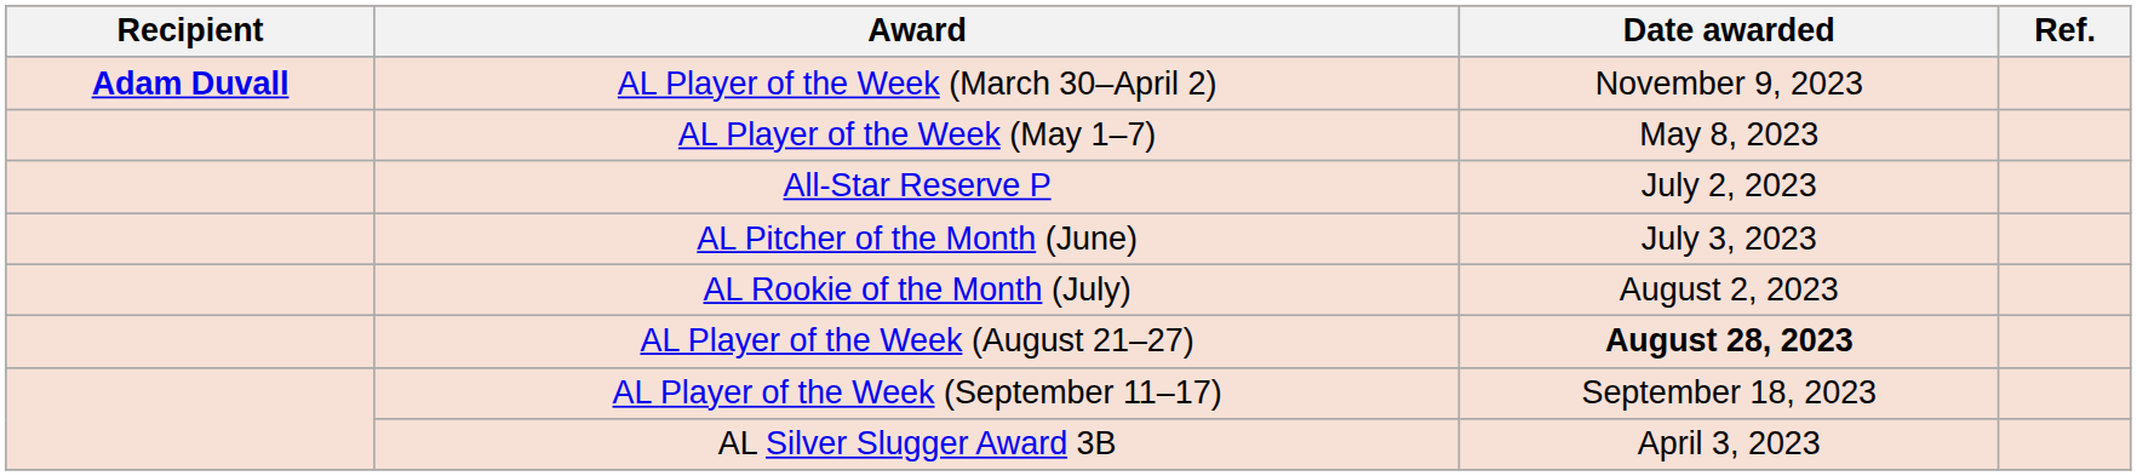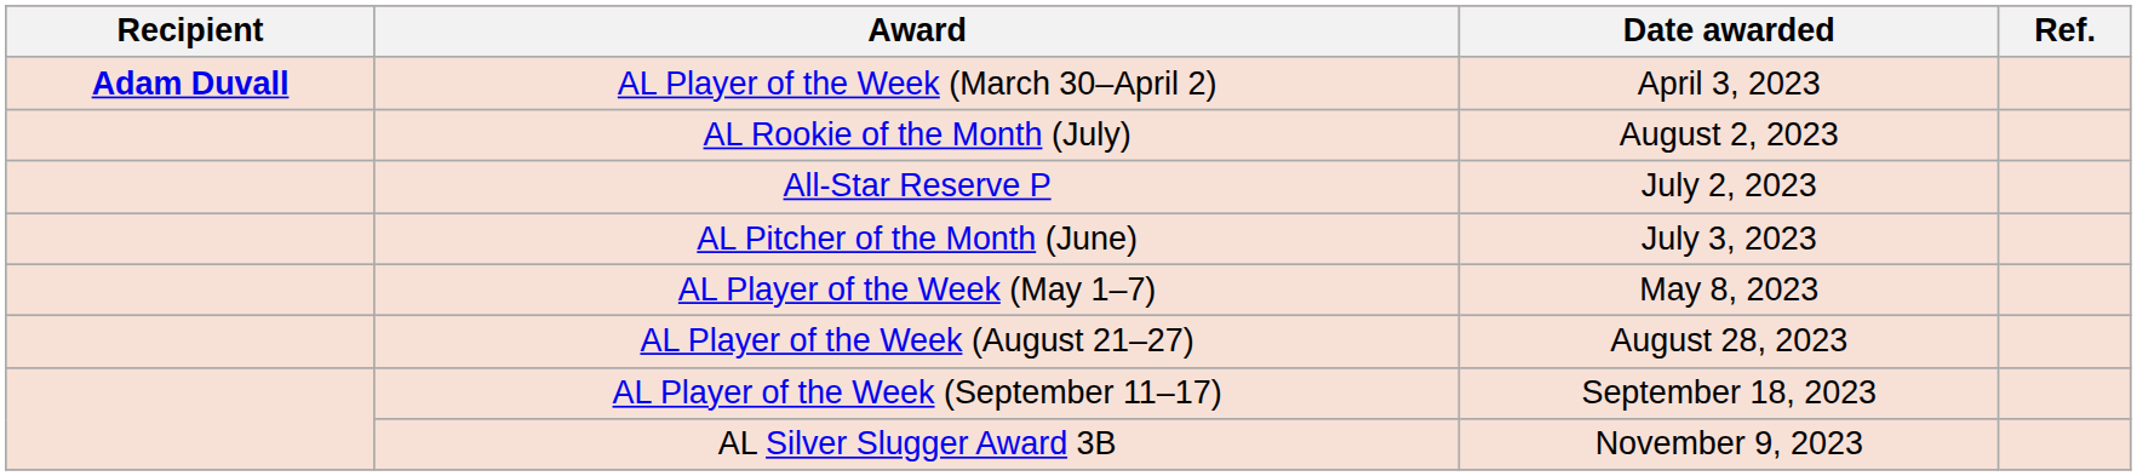 <table class="wikitable sortable" style="text-align:center; background:#f7e1d7; width: 66%;">
 <tr>
 <th>Recipient</th>
 <th>Award</th>
 <th>Date awarded</th>
 <th>Ref.</th>
 </tr>
 <tr>
 <td><strong><a href='#'>Adam Duvall</a></strong></td>
 <td><a href='#'>AL Player of the Week</a> (March 30–April 2)</td>
-<td>November 9, 2023</td>
+<td>April 3, 2023</td>
 <td></td>
 </tr>
 <tr>
 <td></td>
-<td><a href='#'>AL Player of the Week</a> (May 1–7)</td>
-<td>May 8, 2023</td>
+<td><a href='#'>AL Rookie of the Month</a> (July)</td>
+<td>August 2, 2023</td>
 <td></td>
 </tr>
 <tr>
 <td></td>
 <td><a href='#'>All-Star Reserve P</a></td>
 <td>July 2, 2023</td>
 <td></td>
 </tr>
 <tr>
 <td></td>
 <td><a href='#'>AL Pitcher of the Month</a> (June)</td>
 <td>July 3, 2023</td>
 <td></td>
 </tr>
 <tr>
 <td></td>
-<td><a href='#'>AL Rookie of the Month</a> (July)</td>
-<td>August 2, 2023</td>
+<td><a href='#'>AL Player of the Week</a> (May 1–7)</td>
+<td>May 8, 2023</td>
 <td></td>
 </tr>
 <tr>
 <td></td>
 <td><a href='#'>AL Player of the Week</a> (August 21–27)</td>
-<td><strong>August 28, 2023</strong></td>
+<td>August 28, 2023</td>
 <td></td>
 </tr>
 <tr>
 <td rowspan=2></td>
 <td><a href='#'>AL Player of the Week</a> (September 11–17)</td>
 <td>September 18, 2023</td>
 <td></td>
 </tr>
 <tr>
 <td>AL <a href='#'>Silver Slugger Award</a> 3B</td>
-<td>April 3, 2023</td>
+<td>November 9, 2023</td>
 <td></td>
 </tr>
 </table>
